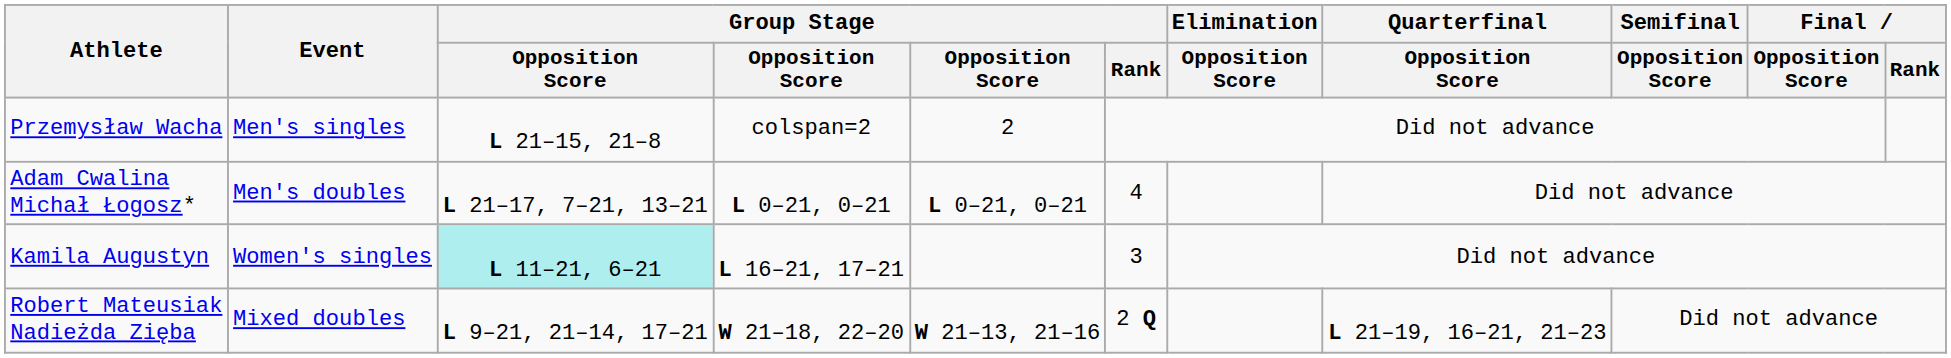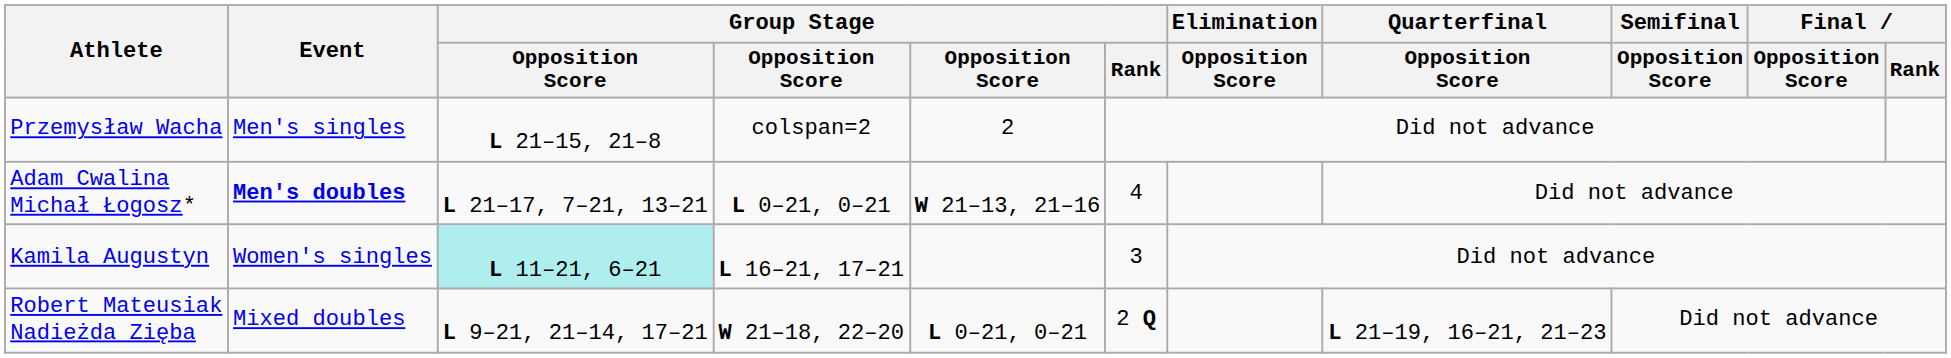 <table class="wikitable" style="font-size:90%">
 <tr>
 <th rowspan=2>Athlete</th>
 <th rowspan=2>Event</th>
 <th colspan=4>Group Stage</th>
 <th>Elimination</th>
 <th>Quarterfinal</th>
 <th>Semifinal</th>
 <th colspan=2>Final / </th>
 </tr>
 <tr style="font-size:95%">
 <th>Opposition<br>Score</th>
 <th>Opposition<br>Score</th>
 <th>Opposition<br>Score</th>
 <th>Rank</th>
 <th>Opposition<br>Score</th>
 <th>Opposition<br>Score</th>
 <th>Opposition<br>Score</th>
 <th>Opposition<br>Score</th>
 <th>Rank</th>
 </tr>
 <tr align=center>
 <td align=left><a href='#'>Przemysław Wacha</a></td>
 <td align=left><a href='#'>Men's singles</a></td>
 <td><br><strong>L</strong> 21–15, 21–8</td>
 <td>colspan=2 </td>
 <td>2</td>
 <td colspan=5>Did not advance</td>
 </tr>
 <tr align=center>
 <td align=left><a href='#'>Adam Cwalina</a><br><a href='#'>Michał Łogosz</a>*</td>
-<td align=left><a href='#'>Men's doubles</a></td>
+<td align=left><strong><a href='#'>Men's doubles</a></strong></td>
 <td><br><strong>L</strong> 21–17, 7–21, 13–21</td>
 <td><br><strong>L</strong> 0–21, 0–21</td>
-<td><br><strong>L</strong> 0–21, 0–21</td>
+<td><br><strong>W</strong> 21–13, 21–16</td>
 <td>4</td>
 <td></td>
 <td colspan=4>Did not advance</td>
 </tr>
 <tr align=center>
 <td align=left><a href='#'>Kamila Augustyn</a></td>
 <td align=left><a href='#'>Women's singles</a></td>
 <td style="background: paleturquoise;"> <br><strong>L</strong> 11–21, 6–21</td>
 <td> <br><strong>L</strong> 16–21, 17–21</td>
 <td></td>
 <td>3</td>
 <td colspan=5>Did not advance</td>
 </tr>
 <tr align=center>
 <td align=left><a href='#'>Robert Mateusiak</a><br><a href='#'>Nadieżda Zięba</a></td>
 <td align=left><a href='#'>Mixed doubles</a></td>
 <td> <br><strong>L</strong> 9–21, 21–14, 17–21</td>
 <td> <br><strong>W</strong> 21–18, 22–20</td>
-<td><br><strong>W</strong> 21–13, 21–16</td>
+<td><br><strong>L</strong> 0–21, 0–21</td>
 <td>2 <strong>Q</strong></td>
 <td></td>
 <td><br><strong>L</strong> 21–19, 16–21, 21–23</td>
 <td colspan=3>Did not advance</td>
 </tr>
 </table>
